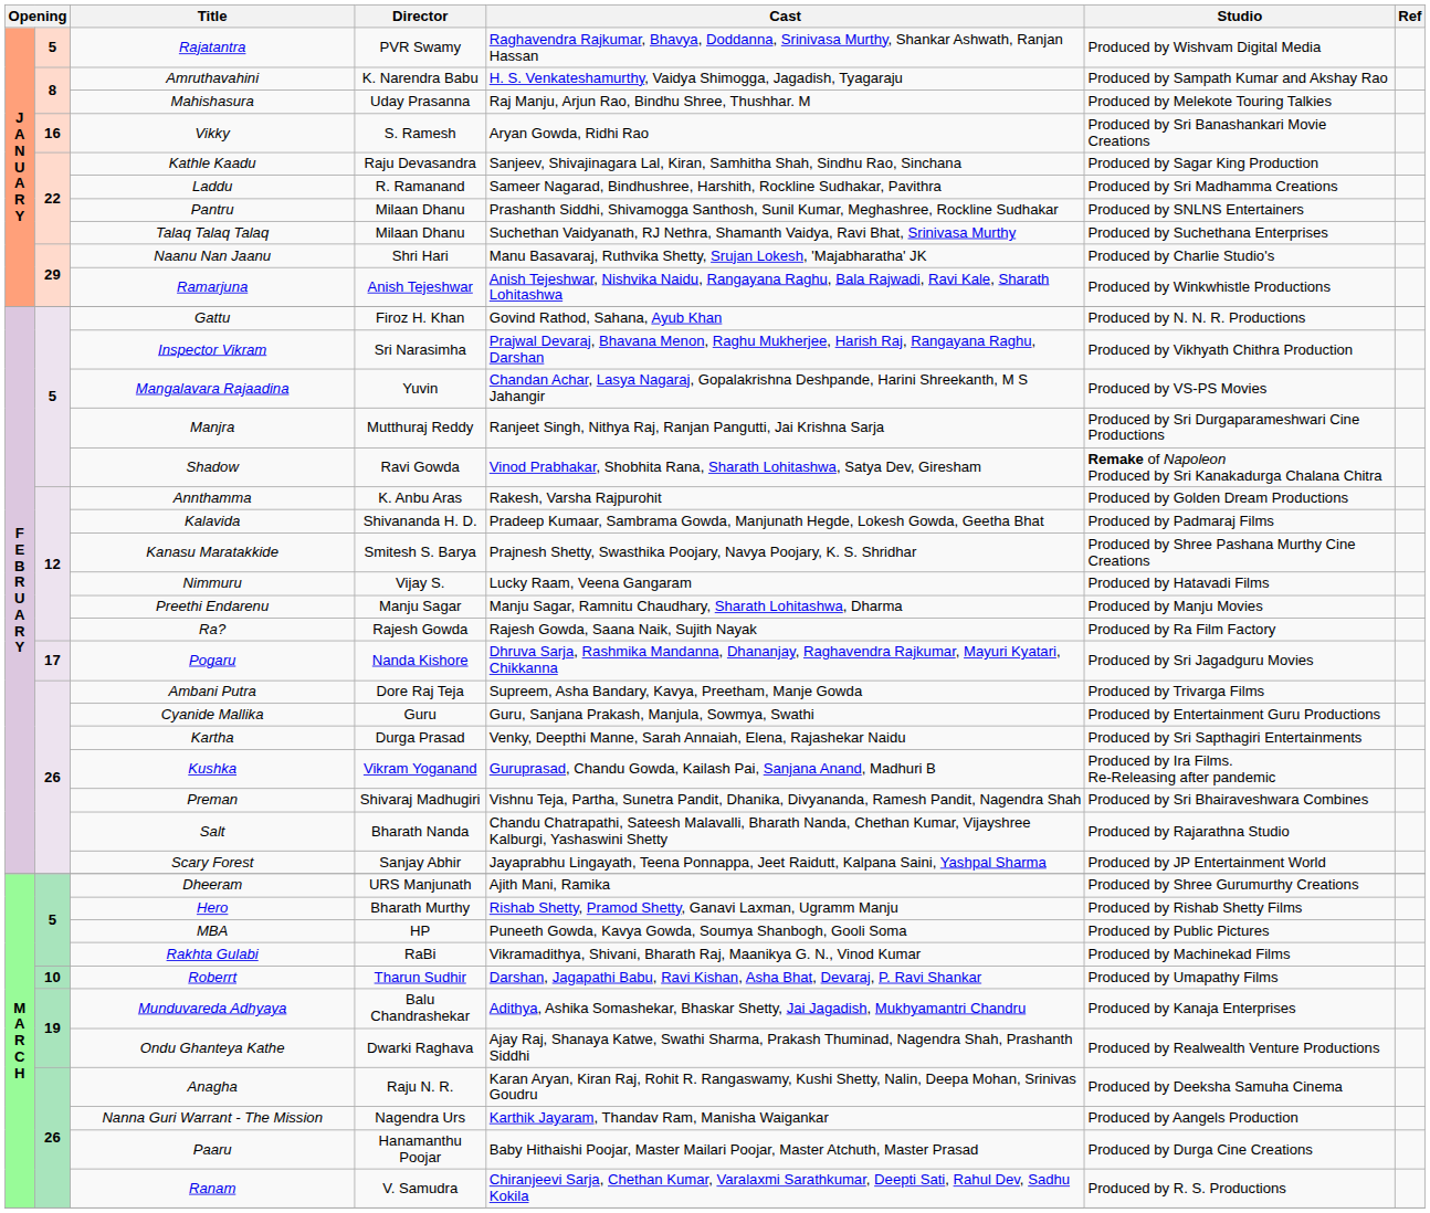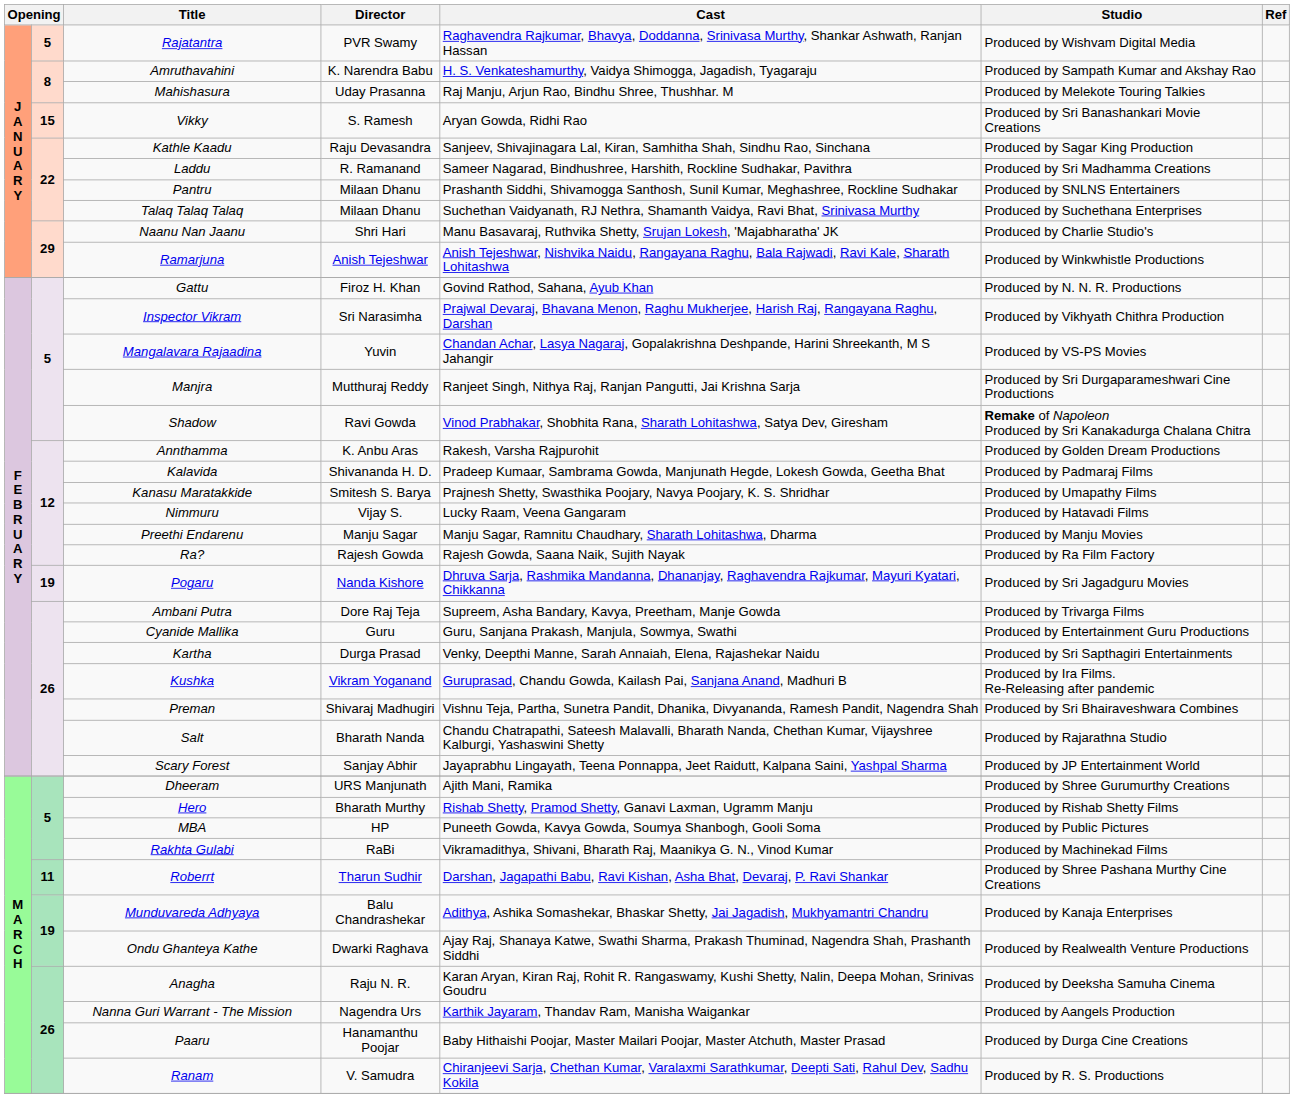 <table class="wikitable sortable">
 <tr>
 <th colspan="2">Opening</th>
 <th style="width:20%;">Title</th>
 <th>Director</th>
 <th>Cast</th>
 <th>Studio</th>
 <th>Ref</th>
 </tr>
 <tr>
 <td rowspan="10" style="text-align:center; background:#ffa07a; textcolor:#000;"><strong>J<br>A<br>N<br>U<br>A<br>R<br>Y</strong></td>
 <td rowspan="1" style="text-align:center;background:#ffdacc;"><strong>5</strong></td>
 <td align="center"><em><a href='#'>Rajatantra</a></em></td>
 <td align="center">PVR Swamy</td>
 <td><a href='#'>Raghavendra Rajkumar</a>, <a href='#'>Bhavya</a>, <a href='#'>Doddanna</a>, <a href='#'>Srinivasa Murthy</a>, Shankar Ashwath, Ranjan Hassan</td>
 <td>Produced by Wishvam Digital Media</td>
 <td align="center"></td>
 </tr>
 <tr>
 <td rowspan="2" style="text-align:center;background:#ffdacc;"><strong>8</strong></td>
 <td align="center"><em>Amruthavahini</em></td>
 <td align="center">K. Narendra Babu</td>
 <td><a href='#'>H. S. Venkateshamurthy</a>, Vaidya Shimogga, Jagadish, Tyagaraju</td>
 <td>Produced by Sampath Kumar and Akshay Rao</td>
 <td align="center"></td>
 </tr>
 <tr>
 <td align="center"><em>Mahishasura</em></td>
 <td align="center">Uday Prasanna</td>
 <td>Raj Manju, Arjun Rao, Bindhu Shree, Thushhar. M</td>
 <td>Produced by Melekote Touring Talkies</td>
 <td align="center"></td>
 </tr>
 <tr>
-<td rowspan="1" style="text-align:center;background:#ffdacc;"><strong>16</strong></td>
+<td rowspan="1" style="text-align:center;background:#ffdacc;"><strong>15</strong></td>
 <td align="center"><em>Vikky</em></td>
 <td align="center">S. Ramesh</td>
 <td>Aryan Gowda, Ridhi Rao</td>
 <td>Produced by Sri Banashankari Movie Creations</td>
 <td align="center"></td>
 </tr>
 <tr>
 <td rowspan="4" style="text-align:center;background:#ffdacc;"><strong>22</strong></td>
 <td align="center"><em>Kathle Kaadu</em></td>
 <td align="center">Raju Devasandra</td>
 <td>Sanjeev, Shivajinagara Lal, Kiran, Samhitha Shah, Sindhu Rao, Sinchana</td>
 <td>Produced by Sagar King Production</td>
 <td align="center"></td>
 </tr>
 <tr>
 <td align="center"><em>Laddu</em></td>
 <td align="center">R. Ramanand</td>
 <td>Sameer Nagarad, Bindhushree, Harshith, Rockline Sudhakar, Pavithra</td>
 <td>Produced by Sri Madhamma Creations</td>
 <td align="center"></td>
 </tr>
 <tr>
 <td align="center"><em>Pantru</em></td>
 <td align="center">Milaan Dhanu</td>
 <td>Prashanth Siddhi, Shivamogga Santhosh, Sunil Kumar, Meghashree, Rockline Sudhakar</td>
 <td>Produced by SNLNS Entertainers</td>
 <td align="center"></td>
 </tr>
 <tr>
 <td align="center"><em>Talaq Talaq Talaq</em></td>
 <td align="center">Milaan Dhanu</td>
 <td>Suchethan Vaidyanath, RJ Nethra, Shamanth Vaidya, Ravi Bhat, <a href='#'>Srinivasa Murthy</a></td>
 <td>Produced by Suchethana Enterprises</td>
 <td align="center"></td>
 </tr>
 <tr>
 <td rowspan="2" style="text-align:center;background:#ffdacc;"><strong>29</strong></td>
 <td align="center"><em>Naanu Nan Jaanu</em></td>
 <td align="center">Shri Hari</td>
 <td>Manu Basavaraj, Ruthvika Shetty, <a href='#'>Srujan Lokesh</a>, 'Majabharatha' JK</td>
 <td>Produced by Charlie Studio's</td>
 <td align="center"></td>
 </tr>
 <tr>
 <td align="center"><em><a href='#'>Ramarjuna</a></em></td>
 <td align="center"><a href='#'>Anish Tejeshwar</a></td>
 <td><a href='#'>Anish Tejeshwar</a>, <a href='#'>Nishvika Naidu</a>, <a href='#'>Rangayana Raghu</a>, <a href='#'>Bala Rajwadi</a>, <a href='#'>Ravi Kale</a>, <a href='#'>Sharath Lohitashwa</a></td>
 <td>Produced by Winkwhistle Productions</td>
 <td align="center"></td>
 </tr>
 <tr>
 </tr>
 <tr February!>
 <td rowspan="19" style="text-align:center; background:#dcc7df; textcolor:#000;"><strong>F<br>E<br>B<br>R<br>U<br>A<br>R<br>Y</strong></td>
 <td rowspan="5"  style="text-align:center; background:#ede3ef;"><strong>5</strong></td>
 <td align="center"><em>Gattu</em></td>
 <td align="center">Firoz H. Khan</td>
 <td>Govind Rathod, Sahana, <a href='#'>Ayub Khan</a></td>
 <td>Produced by N. N. R. Productions</td>
 <td align="center"></td>
 </tr>
 <tr>
 <td align="center"><em><a href='#'>Inspector Vikram</a></em></td>
 <td align="center">Sri Narasimha</td>
 <td><a href='#'>Prajwal Devaraj</a>, <a href='#'>Bhavana Menon</a>, <a href='#'>Raghu Mukherjee</a>, <a href='#'>Harish Raj</a>, <a href='#'>Rangayana Raghu</a>, <a href='#'>Darshan</a></td>
 <td>Produced by Vikhyath Chithra Production</td>
 <td align="center"></td>
 </tr>
 <tr>
 <td align="center"><em><a href='#'>Mangalavara Rajaadina</a></em></td>
 <td align="center">Yuvin</td>
 <td><a href='#'>Chandan Achar</a>, <a href='#'>Lasya Nagaraj</a>, Gopalakrishna Deshpande, Harini Shreekanth, M S Jahangir</td>
 <td>Produced by VS-PS Movies</td>
 <td align="center"></td>
 </tr>
 <tr>
 <td align="center"><em>Manjra</em></td>
 <td align="center">Mutthuraj Reddy</td>
 <td>Ranjeet Singh, Nithya Raj, Ranjan Pangutti, Jai Krishna Sarja</td>
 <td>Produced by Sri Durgaparameshwari Cine Productions</td>
 <td align="center"></td>
 </tr>
 <tr>
 <td align="center"><em>Shadow</em></td>
 <td align="center">Ravi Gowda</td>
 <td><a href='#'>Vinod Prabhakar</a>, Shobhita Rana, <a href='#'>Sharath Lohitashwa</a>, Satya Dev, Giresham</td>
 <td><strong>Remake</strong> of <em>Napoleon</em><br>Produced by Sri Kanakadurga Chalana Chitra</td>
 <td align="center"></td>
 </tr>
 <tr>
 <td rowspan="6"  style="text-align:center; background:#ede3ef;"><strong>12</strong></td>
 <td align="center"><em>Annthamma</em></td>
 <td align="center">K. Anbu Aras</td>
 <td>Rakesh, Varsha Rajpurohit</td>
 <td>Produced by Golden Dream Productions</td>
 <td align="center"></td>
 </tr>
 <tr>
 <td align="center"><em>Kalavida</em></td>
 <td align="center">Shivananda H. D.</td>
 <td>Pradeep Kumaar, Sambrama Gowda, Manjunath Hegde, Lokesh Gowda, Geetha Bhat</td>
 <td>Produced by Padmaraj Films</td>
 <td align="center"></td>
 </tr>
 <tr>
 <td align="center"><em>Kanasu Maratakkide</em></td>
 <td align="center">Smitesh S. Barya</td>
 <td>Prajnesh Shetty, Swasthika Poojary, Navya Poojary, K. S. Shridhar</td>
-<td>Produced by Shree Pashana Murthy Cine Creations</td>
+<td>Produced by Umapathy Films</td>
 <td align="center"></td>
 </tr>
 <tr>
 <td align="center"><em>Nimmuru</em></td>
 <td align="center">Vijay S.</td>
 <td>Lucky Raam, Veena Gangaram</td>
 <td>Produced by Hatavadi Films</td>
 <td align="center"></td>
 </tr>
 <tr>
 <td align="center"><em>Preethi Endarenu</em></td>
 <td align="center">Manju Sagar</td>
 <td>Manju Sagar, Ramnitu Chaudhary, <a href='#'>Sharath Lohitashwa</a>, Dharma</td>
 <td>Produced by Manju Movies</td>
 <td align="center"></td>
 </tr>
 <tr>
 <td align="center"><em>Ra?</em></td>
 <td align="center">Rajesh Gowda</td>
 <td>Rajesh Gowda, Saana Naik, Sujith Nayak</td>
 <td>Produced by Ra Film Factory</td>
 <td align="center"></td>
 </tr>
 <tr>
-<td rowspan="1"  style="text-align:center; background:#ede3ef;"><strong>17</strong></td>
+<td rowspan="1"  style="text-align:center; background:#ede3ef;"><strong>19</strong></td>
 <td align="center"><em><a href='#'>Pogaru</a></em></td>
 <td align="center"><a href='#'>Nanda Kishore</a></td>
 <td><a href='#'>Dhruva Sarja</a>, <a href='#'>Rashmika Mandanna</a>, <a href='#'>Dhananjay</a>, <a href='#'>Raghavendra Rajkumar</a>, <a href='#'>Mayuri Kyatari</a>, <a href='#'>Chikkanna</a></td>
 <td>Produced by Sri Jagadguru Movies</td>
 <td align="center"></td>
 </tr>
 <tr>
 <td rowspan="7"  style="text-align:center; background:#ede3ef;"><strong>26</strong></td>
 <td align="center"><em>Ambani Putra</em></td>
 <td align="center">Dore Raj Teja</td>
 <td>Supreem, Asha Bandary, Kavya, Preetham, Manje Gowda</td>
 <td>Produced by Trivarga Films</td>
 <td align="center"></td>
 </tr>
 <tr>
 <td align="center"><em>Cyanide Mallika</em></td>
 <td align="center">Guru</td>
 <td>Guru, Sanjana Prakash, Manjula, Sowmya, Swathi</td>
 <td>Produced by Entertainment Guru Productions</td>
 <td align="center"></td>
 </tr>
 <tr>
 <td align="center"><em>Kartha</em></td>
 <td align="center">Durga Prasad</td>
 <td>Venky, Deepthi Manne, Sarah Annaiah, Elena, Rajashekar Naidu</td>
 <td>Produced by Sri Sapthagiri Entertainments</td>
 <td align="center"></td>
 </tr>
 <tr>
 <td align="center"><em><a href='#'>Kushka</a></em></td>
 <td align="center"><a href='#'>Vikram Yoganand</a></td>
 <td><a href='#'>Guruprasad</a>, Chandu Gowda, Kailash Pai, <a href='#'>Sanjana Anand</a>, Madhuri B</td>
 <td>Produced by Ira Films.<br>Re-Releasing after pandemic</td>
 <td align="center"></td>
 </tr>
 <tr>
 <td align="center"><em>Preman</em></td>
 <td align="center">Shivaraj Madhugiri</td>
 <td>Vishnu Teja, Partha, Sunetra Pandit, Dhanika, Divyananda, Ramesh Pandit, Nagendra Shah</td>
 <td>Produced by Sri Bhairaveshwara Combines</td>
 <td align="center"></td>
 </tr>
 <tr>
 <td align="center"><em>Salt</em></td>
 <td align="center">Bharath Nanda</td>
 <td>Chandu Chatrapathi, Sateesh Malavalli, Bharath Nanda, Chethan Kumar, Vijayshree Kalburgi, Yashaswini Shetty</td>
 <td>Produced by Rajarathna Studio</td>
 <td align="center"></td>
 </tr>
 <tr>
 <td align="center"><em>Scary Forest</em></td>
 <td align="center">Sanjay Abhir</td>
 <td>Jayaprabhu Lingayath, Teena Ponnappa, Jeet Raidutt, Kalpana Saini, <a href='#'>Yashpal Sharma</a></td>
 <td>Produced by JP Entertainment World</td>
 <td align="center"></td>
 </tr>
 <tr>
 </tr>
 <tr March!>
 <td rowspan="11"   style="text-align:center; background:#98fb98; textcolor:#000;"><strong>M<br>A<br>R<br>C<br>H</strong></td>
 <td rowspan="4" style="text-align:center; background:#a8e4bc;"><strong>5</strong></td>
 <td align="center"><em>Dheeram</em></td>
 <td align="center">URS Manjunath</td>
 <td>Ajith Mani, Ramika</td>
 <td>Produced by Shree Gurumurthy Creations</td>
 <td align="center"></td>
 </tr>
 <tr>
 <td align="center"><em><a href='#'>Hero</a></em></td>
 <td align="center">Bharath Murthy</td>
 <td><a href='#'>Rishab Shetty</a>, <a href='#'>Pramod Shetty</a>, Ganavi Laxman, Ugramm Manju</td>
 <td>Produced by Rishab Shetty Films</td>
 <td align="center"></td>
 </tr>
 <tr>
 <td align="center"><em>MBA</em></td>
 <td align="center">HP</td>
 <td>Puneeth Gowda, Kavya Gowda, Soumya Shanbogh, Gooli Soma</td>
 <td>Produced by Public Pictures</td>
 <td align="center"></td>
 </tr>
 <tr>
 <td align="center"><em><a href='#'>Rakhta Gulabi</a></em></td>
 <td align="center">RaBi</td>
 <td>Vikramadithya, Shivani, Bharath Raj, Maanikya G. N., Vinod Kumar</td>
 <td>Produced by Machinekad Films</td>
 <td align="center"></td>
 </tr>
 <tr>
-<td rowspan="1" style="text-align:center; background:#a8e4bc;"><strong>10</strong></td>
+<td rowspan="1" style="text-align:center; background:#a8e4bc;"><strong>11</strong></td>
 <td align="center"><em><a href='#'>Roberrt</a></em></td>
 <td align="center"><a href='#'>Tharun Sudhir</a></td>
 <td><a href='#'>Darshan</a>, <a href='#'>Jagapathi Babu</a>, <a href='#'>Ravi Kishan</a>, <a href='#'>Asha Bhat</a>, <a href='#'>Devaraj</a>, <a href='#'>P. Ravi Shankar</a></td>
-<td>Produced by Umapathy Films</td>
+<td>Produced by Shree Pashana Murthy Cine Creations</td>
 <td align="center"></td>
 </tr>
 <tr>
 <td rowspan="2" style="text-align:center; background:#a8e4bc;"><strong>19</strong></td>
 <td align="center"><em><a href='#'>Munduvareda Adhyaya</a></em></td>
 <td align="center">Balu Chandrashekar</td>
 <td><a href='#'>Adithya</a>, Ashika Somashekar, Bhaskar Shetty, <a href='#'>Jai Jagadish</a>, <a href='#'>Mukhyamantri Chandru</a></td>
 <td>Produced by Kanaja Enterprises</td>
 <td align="center"></td>
 </tr>
 <tr>
 <td align="center"><em>Ondu Ghanteya Kathe</em></td>
 <td align="center">Dwarki Raghava</td>
 <td>Ajay Raj, Shanaya Katwe, Swathi Sharma, Prakash Thuminad, Nagendra Shah, Prashanth Siddhi</td>
 <td>Produced by Realwealth Venture Productions</td>
 <td align="center"></td>
 </tr>
 <tr>
 <td rowspan="4" style="text-align:center; background:#a8e4bc;"><strong>26</strong></td>
 <td align="center"><em>Anagha</em></td>
 <td align="center">Raju N. R.</td>
 <td>Karan Aryan, Kiran Raj, Rohit R. Rangaswamy, Kushi Shetty, Nalin, Deepa Mohan, Srinivas Goudru</td>
 <td>Produced by Deeksha Samuha Cinema</td>
 <td align="center"></td>
 </tr>
 <tr>
 <td align="center"><em>Nanna Guri Warrant - The Mission</em></td>
 <td align="center">Nagendra Urs</td>
 <td><a href='#'>Karthik Jayaram</a>, Thandav Ram, Manisha Waigankar</td>
 <td>Produced by Aangels Production</td>
 <td align="center"></td>
 </tr>
 <tr>
 <td align="center"><em>Paaru</em></td>
 <td align="center">Hanamanthu Poojar</td>
 <td>Baby Hithaishi Poojar, Master Mailari Poojar, Master Atchuth, Master Prasad</td>
 <td>Produced by Durga Cine Creations</td>
 <td align="center"></td>
 </tr>
 <tr>
 <td align="center"><em><a href='#'>Ranam</a></em></td>
 <td align="center">V. Samudra</td>
 <td><a href='#'>Chiranjeevi Sarja</a>, <a href='#'>Chethan Kumar</a>, <a href='#'>Varalaxmi Sarathkumar</a>, <a href='#'>Deepti Sati</a>, <a href='#'>Rahul Dev</a>, <a href='#'>Sadhu Kokila</a></td>
 <td>Produced by R. S. Productions</td>
 <td align="center"></td>
 </tr>
 <tr>
 </tr>
 </table>
